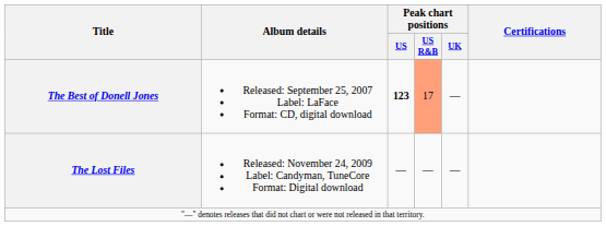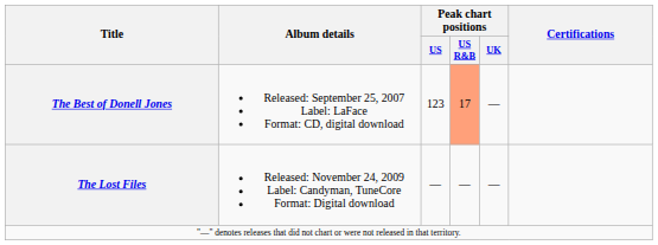 <table class="wikitable plainrowheaders" style="text-align:center;">
 <tr>
 <th scope="col" rowspan="2" style="width:18em;">Title</th>
 <th scope="col" rowspan="2" style="width:17em;">Album details</th>
 <th scope="col" colspan="3">Peak chart positions</th>
 <th scope="col" rowspan="2" style="width:12em;"><a href='#'>Certifications</a></th>
 </tr>
 <tr>
 <th scope="col" style="width:2.5em;font-size:85%;"><a href='#'>US</a><br></th>
 <th scope="col" style="width:2.5em;font-size:85%;"><a href='#'>US<br>R&B</a><br></th>
 <th scope="col" style="width:2.5em;font-size:85%;"><a href='#'>UK</a><br></th>
 </tr>
 <tr>
 <th scope="row"><em><a href='#'>The Best of Donell Jones</a></em></th>
 <td><br><ul><li>Released: September 25, 2007</li><li>Label: LaFace</li><li>Format: CD, digital download</li></ul></td>
-<td><strong>123</strong></td>
+<td>123</td>
 <td style="background: lightsalmon;">17</td>
 <td>—</td>
 <td></td>
 </tr>
 <tr>
 <th scope="row"><em><a href='#'>The Lost Files</a></em></th>
 <td><br><ul><li>Released: November 24, 2009</li><li>Label: Candyman, TuneCore</li><li>Format: Digital download</li></ul></td>
 <td>—</td>
 <td>—</td>
 <td>—</td>
 <td></td>
 </tr>
 <tr>
 <td colspan="9" style="text-align:center; font-size:9pt;">"—" denotes releases that did not chart or were not released in that territory.</td>
 </tr>
 </table>
